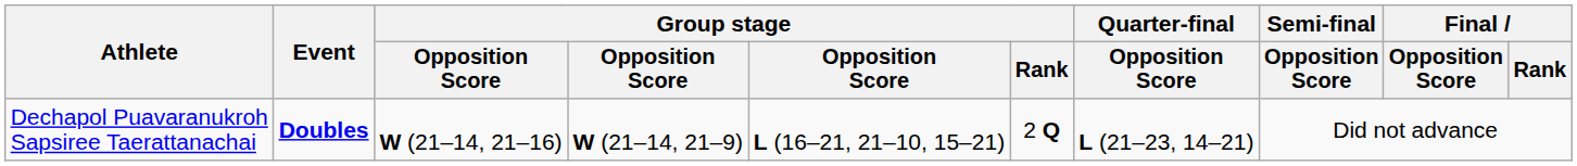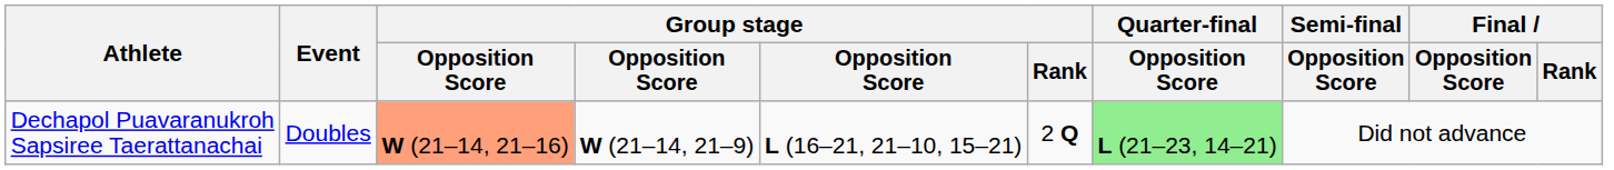 <table class="wikitable" style="font-size:90%">
 <tr>
 <th rowspan="2">Athlete</th>
 <th rowspan="2">Event</th>
 <th colspan="4">Group stage</th>
 <th>Quarter-final</th>
 <th>Semi-final</th>
 <th colspan="2">Final / </th>
 </tr>
 <tr style="font-size:95%">
 <th>Opposition<br>Score</th>
 <th>Opposition<br>Score</th>
 <th>Opposition<br>Score</th>
 <th>Rank</th>
 <th>Opposition<br>Score</th>
 <th>Opposition<br>Score</th>
 <th>Opposition<br>Score</th>
 <th>Rank</th>
 </tr>
 <tr align="center">
 <td align="left"><a href='#'>Dechapol Puavaranukroh</a><br><a href='#'>Sapsiree Taerattanachai</a></td>
-<td align="left"><strong><a href='#'>Doubles</a></strong></td>
-<td><br><strong>W</strong> (21–14, 21–16)</td>
+<td align="left"><a href='#'>Doubles</a></td>
+<td style="background: lightsalmon;"><br><strong>W</strong> (21–14, 21–16)</td>
 <td><br><strong>W</strong> (21–14, 21–9)</td>
 <td><br><strong>L</strong> (16–21, 21–10, 15–21)</td>
 <td>2 <strong>Q</strong></td>
-<td><br><strong>L</strong> (21–23, 14–21)</td>
+<td style="background: lightgreen;"><br><strong>L</strong> (21–23, 14–21)</td>
 <td colspan="3">Did not advance</td>
 </tr>
 </table>
